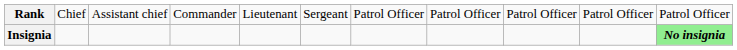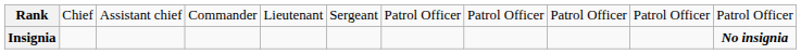 <table class="wikitable">
 <tr style="text-align:center;">
 <th>Rank</th>
 <td>Chief</td>
 <td>Assistant chief</td>
 <td>Commander</td>
 <td>Lieutenant</td>
 <td>Sergeant</td>
 <td>Patrol Officer<br></td>
 <td>Patrol Officer<br></td>
 <td>Patrol Officer<br></td>
 <td>Patrol Officer<br></td>
 <td>Patrol Officer</td>
 </tr>
 <tr style="text-align:center;">
 <th>Insignia</th>
 <td></td>
 <td></td>
 <td></td>
 <td></td>
 <td></td>
 <td></td>
 <td></td>
 <td></td>
 <td></td>
-<td style="background: lightgreen;"><strong><em>No insignia</em></strong></td>
+<td><strong><em>No insignia</em></strong></td>
 </tr>
 </table>
